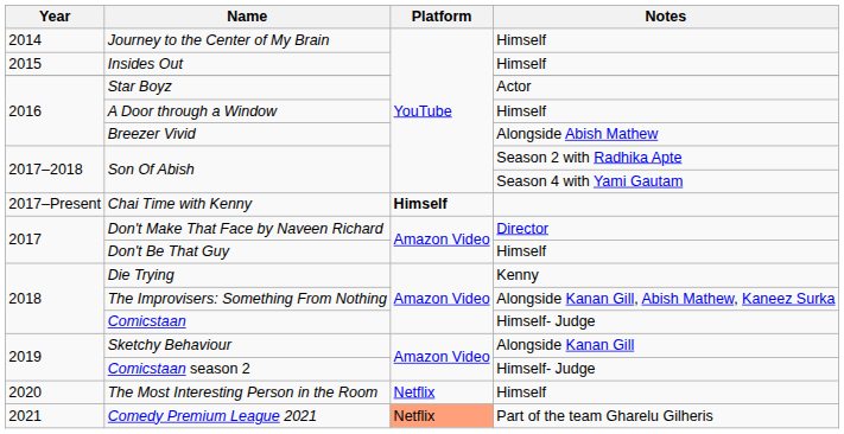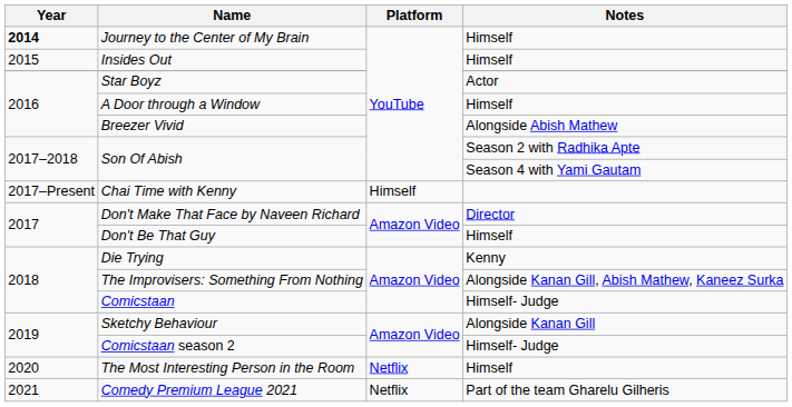 <table class="wikitable sortable">
 <tr>
 <th>Year</th>
 <th>Name</th>
 <th>Platform</th>
 <th>Notes</th>
 </tr>
 <tr>
-<td>2014</td>
+<td><strong>2014</strong></td>
 <td><em>Journey to the Center of My Brain</em></td>
 <td rowspan="8"><a href='#'>YouTube</a></td>
 <td>Himself</td>
 </tr>
 <tr>
 <td>2015</td>
 <td><em>Insides Out</em></td>
 <td>Himself</td>
 </tr>
 <tr>
 </tr>
 <tr>
 <td rowspan="3">2016</td>
 <td><em>Star Boyz</em> </td>
 <td>Actor</td>
 </tr>
 <tr>
 <td><em>A Door through a Window</em></td>
 <td>Himself</td>
 </tr>
 <tr>
 <td><em>Breezer Vivid</em></td>
 <td>Alongside <a href='#'>Abish Mathew</a></td>
 </tr>
 <tr>
 <td rowspan=2>2017–2018</td>
 <td rowspan="2"><em>Son Of Abish</em></td>
 <td>Season 2 with <a href='#'>Radhika Apte</a></td>
 </tr>
 <tr>
 <td>Season 4 with <a href='#'>Yami Gautam</a></td>
 </tr>
 <tr>
 <td>2017–Present</td>
 <td><em>Chai Time with Kenny</em></td>
-<td><strong>Himself</strong></td>
+<td>Himself</td>
 </tr>
 <tr>
 <td rowspan=2>2017</td>
 <td><em>Don't Make That Face by Naveen Richard</em></td>
 <td rowspan="2"><a href='#'>Amazon Video</a></td>
 <td><a href='#'>Director</a></td>
 </tr>
 <tr>
 <td><em>Don't Be That Guy</em></td>
 <td>Himself</td>
 </tr>
 <tr>
 <td rowspan="3">2018</td>
 <td><em>Die Trying</em></td>
 <td rowspan="3"><a href='#'>Amazon Video</a></td>
 <td>Kenny </td>
 </tr>
 <tr>
 <td><em>The Improvisers: Something From Nothing</em></td>
 <td>Alongside <a href='#'>Kanan Gill</a>, <a href='#'>Abish Mathew</a>, <a href='#'>Kaneez Surka</a></td>
 </tr>
 <tr>
 <td><em><a href='#'>Comicstaan</a></em></td>
 <td>Himself- Judge</td>
 </tr>
 <tr>
 <td rowspan="2">2019</td>
 <td><em>Sketchy Behaviour</em></td>
 <td rowspan="2"><a href='#'>Amazon Video</a></td>
 <td>Alongside <a href='#'>Kanan Gill</a></td>
 </tr>
 <tr>
 <td><em><a href='#'>Comicstaan</a></em> season 2</td>
 <td>Himself- Judge</td>
 </tr>
 <tr>
 <td>2020</td>
 <td><em>The Most Interesting Person in the Room</em></td>
 <td><a href='#'>Netflix</a></td>
 <td>Himself</td>
 </tr>
 <tr>
 <td>2021</td>
 <td><em><a href='#'>Comedy Premium League</a> 2021</em></td>
-<td style="background: lightsalmon;">Netflix</td>
+<td>Netflix</td>
 <td>Part of the team Gharelu Gilheris</td>
 </tr>
 </table>
